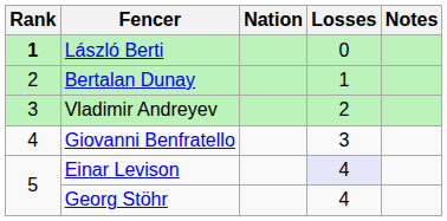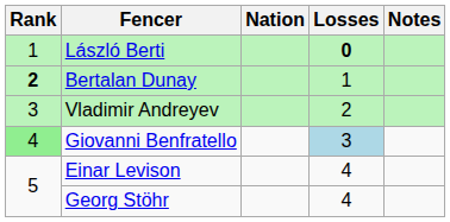 <table class="wikitable sortable" style="text-align:center">
 <tr>
 <th>Rank</th>
 <th>Fencer</th>
 <th>Nation</th>
 <th>Losses</th>
 <th>Notes</th>
 </tr>
 <tr bgcolor=bbf3bb>
-<td><strong>1</strong></td>
+<td>1</td>
 <td align=left><a href='#'>László Berti</a></td>
 <td align=left></td>
-<td>0</td>
+<td><strong>0</strong></td>
 <td></td>
 </tr>
 <tr bgcolor=bbf3bb>
-<td>2</td>
+<td><strong>2</strong></td>
 <td align=left><a href='#'>Bertalan Dunay</a></td>
 <td align=left></td>
 <td>1</td>
 <td></td>
 </tr>
 <tr bgcolor=bbf3bb>
 <td>3</td>
 <td align=left>Vladimir Andreyev</td>
 <td align=left></td>
 <td>2</td>
 <td></td>
 </tr>
 <tr>
-<td>4</td>
+<td style="background: lightgreen;">4</td>
 <td align=left><a href='#'>Giovanni Benfratello</a></td>
 <td align=left></td>
-<td>3</td>
+<td style="background: lightblue;">3</td>
 <td></td>
 </tr>
 <tr>
 <td rowspan=2>5</td>
 <td align=left><a href='#'>Einar Levison</a></td>
 <td align=left></td>
-<td style="background: lavender;">4</td>
+<td>4</td>
 <td></td>
 </tr>
 <tr>
 <td align=left><a href='#'>Georg Stöhr</a></td>
 <td align=left></td>
 <td>4</td>
 <td></td>
 </tr>
 </table>
